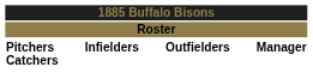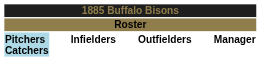 <table class="toccolours" style="font-size: 95%;">
 <tr>
 <th colspan="10" style="background-color: #1E1E1E; color: #8F7D4B; text-align: center;">1885 Buffalo Bisons</th>
 </tr>
 <tr>
 <td colspan="10" style="background-color:#8F7D4B; color: 1E1E1E; text-align: center;"><strong>Roster</strong></td>
 </tr>
 <tr>
-<td valign="top"><strong>Pitchers</strong><br>      <strong>Catchers</strong>   </td>
+<td valign="top" style="background: lightblue;"><strong>Pitchers</strong><br>      <strong>Catchers</strong>   </td>
 <td width="25px"></td>
 <td valign="top"><strong>Infielders</strong><br>           </td>
 <td width="25px"></td>
 <td valign="top"><strong>Outfielders</strong><br>      </td>
 <td width="25px"></td>
 <td valign="top"><strong>Manager</strong><br> </td>
 </tr>
 </table>
